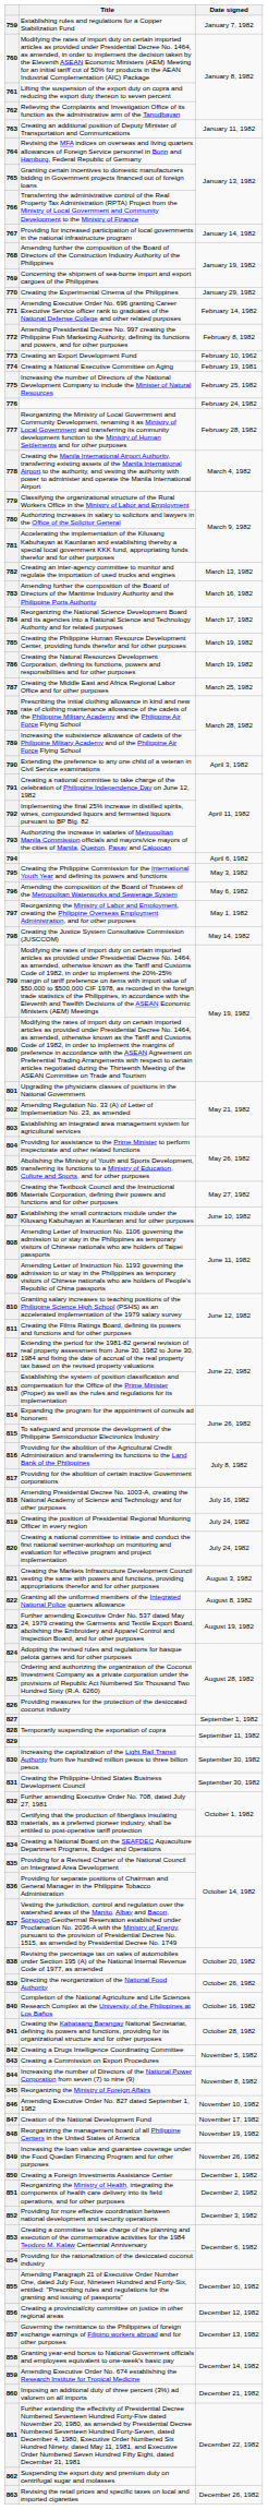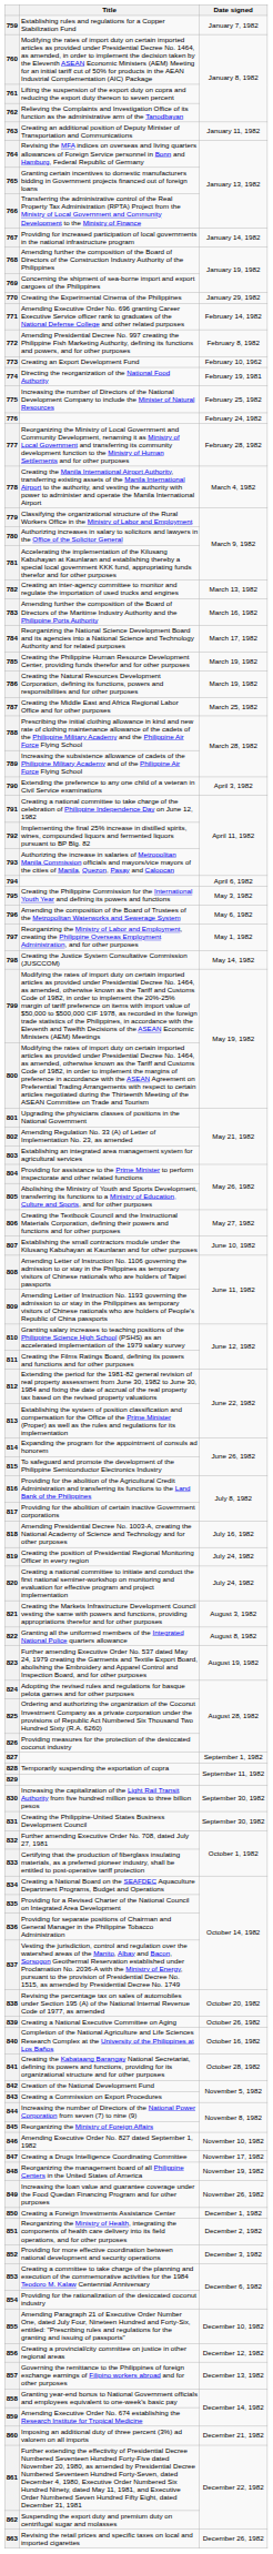 <table class="wikitable sortable" style="text-align:center;">
 <tr>
 <th scope="col"></th>
 <th scope="col">Title</th>
 <th scope="col" width="150px">Date signed</th>
 </tr>
 <tr>
 <th scope="row">759</th>
 <td style="text-align:left;">Establishing rules and regulations for a Copper Stabilization Fund</td>
 <td>January 7, 1982</td>
 </tr>
 <tr>
 <th scope="row">760</th>
 <td style="text-align:left;">Modifying the rates of import duty on certain imported articles as provided under Presidential Decree No. 1464, as amended, in order to implement the decision taken by the Eleventh <a href='#'>ASEAN</a> Economic Ministers (AEM) Meeting for an initial tariff cut of 50% for products in the AEAN Industrial Complementation (AIC) Package</td>
 <td rowspan="3">January 8, 1982</td>
 </tr>
 <tr>
 <th scope="row">761</th>
 <td style="text-align:left;">Lifting the suspension of the export duty on copra and reducing the export duty thereon to seven percent</td>
 </tr>
 <tr>
 <th scope="row">762</th>
 <td style="text-align:left;">Relieving the Complaints and Investigation Office of its function as the administrative arm of the <a href='#'>Tanodbayan</a></td>
 </tr>
 <tr>
 <th scope="row">763</th>
 <td style="text-align:left;">Creating an additional position of Deputy Minister of Transportation and Communications</td>
 <td>January 11, 1982</td>
 </tr>
 <tr>
 <th scope="row">764</th>
 <td style="text-align:left;">Revising the <a href='#'>MFA</a> indices on overseas and living quarters allowances of Foreign Service personnel in <a href='#'>Bonn</a> and <a href='#'>Hamburg</a>, Federal Republic of Germany</td>
 <td rowspan="3">January 13, 1982</td>
 </tr>
 <tr>
 <th scope="row">765</th>
 <td style="text-align:left;">Granting certain incentives to domestic manufacturers bidding in Government projects financed out of foreign loans</td>
 </tr>
 <tr>
 <th scope="row">766</th>
 <td style="text-align:left;">Transferring the administrative control of the Real Property Tax Administration (RPTA) Project from the <a href='#'>Ministry of Local Government and Community Development</a> to the <a href='#'>Ministry of Finance</a></td>
 </tr>
 <tr>
 <th scope="row">767</th>
 <td style="text-align:left;">Providing for increased participation of local governments in the national infrastructure program</td>
 <td>January 14, 1982</td>
 </tr>
 <tr>
 <th scope="row">768</th>
 <td style="text-align:left;">Amending further the composition of the Board of Directors of the Construction Industry Authority of the Philippines</td>
 <td rowspan="2">January 19, 1982</td>
 </tr>
 <tr>
 <th scope="row">769</th>
 <td style="text-align:left;">Concerning the shipment of sea-borne import and export cargoes of the Philippines</td>
 </tr>
 <tr>
 <th scope="row">770</th>
 <td style="text-align:left;">Creating the Experimental Cinema of the Philippines</td>
 <td>January 29, 1982</td>
 </tr>
 <tr>
 <th scope="row">771</th>
 <td style="text-align:left;">Amending Executive Order No. 696 granting Career Executive Service officer rank to graduates of the <a href='#'>National Defense College</a> and other related purposes</td>
 <td>February 14, 1982</td>
 </tr>
 <tr>
 <th scope="row">772</th>
 <td style="text-align:left;">Amending Presidential Decree No. 997 creating the Philippine Fish Marketing Authority, defining its functions and powers, and for other purposes</td>
 <td>February 8, 1982</td>
 </tr>
 <tr>
 <th scope="row">773</th>
 <td style="text-align:left;">Creating an Export Development Fund</td>
 <td>February 10, 1962</td>
 </tr>
 <tr>
 <th scope="row">774</th>
-<td style="text-align:left;">Creating a National Executive Committee on Aging</td>
+<td style="text-align:left;">Directing the reorganization of the <a href='#'>National Food Authority</a></td>
 <td>February 19, 1981</td>
 </tr>
 <tr>
 <th scope="row">775</th>
 <td style="text-align:left;">Increasing the number of Directors of the National Development Company to include the <a href='#'>Minister of Natural Resources</a></td>
 <td>February 25, 1982</td>
 </tr>
 <tr>
 <th scope="row">776</th>
 <td style="text-align:left;"></td>
 <td>February 24, 1982</td>
 </tr>
 <tr>
 <th scope="row">777</th>
 <td style="text-align:left;">Reorganizing the Ministry of Local Government and Community Development, renaming it as <a href='#'>Ministry of Local Government</a> and transferring its community development function to the <a href='#'>Ministry of Human Settlements</a> and for other purposes</td>
 <td>February 28, 1982</td>
 </tr>
 <tr>
 <th scope="row">778</th>
 <td style="text-align:left;">Creating the <a href='#'>Manila International Airport Authority</a>, transferring existing assets of the <a href='#'>Manila International Airport</a> to the authority, and vesting the authority with power to administer and operate the Manila International Airport</td>
 <td>March 4, 1982</td>
 </tr>
 <tr>
 <th scope="row">779</th>
 <td style="text-align:left;">Classifying the organizational structure of the Rural Workers Office in the <a href='#'>Ministry of Labor and Employment</a></td>
 <td rowspan="3">March 9, 1982</td>
 </tr>
 <tr>
 <th scope="row">780</th>
 <td style="text-align:left;">Authorizing increases in salary to solicitors and lawyers in the <a href='#'>Office of the Solicitor General</a></td>
 </tr>
 <tr>
 <th scope="row">781</th>
 <td style="text-align:left;">Accelerating the implementation of the Kilusang Kabuhayan at Kaunlaran and establishing thereby a special local government KKK fund, appropriating funds therefor and for other purposes</td>
 </tr>
 <tr>
 <th scope="row">782</th>
 <td style="text-align:left;">Creating an inter-agency committee to monitor and regulate the importation of used trucks and engines</td>
 <td>March 13, 1982</td>
 </tr>
 <tr>
 <th scope="row">783</th>
 <td style="text-align:left;">Amending further the composition of the Board of Directors of the Maritime Industry Authority and the <a href='#'>Philippine Ports Authority</a></td>
 <td>March 16, 1982</td>
 </tr>
 <tr>
 <th scope="row">784</th>
 <td style="text-align:left;">Reorganizing the National Science Development Board and its agencies into a National Science and Technology Authority and for related purposes</td>
 <td>March 17, 1982</td>
 </tr>
 <tr>
 <th scope="row">785</th>
 <td style="text-align:left;">Creating the Philippine Human Resource Development Center, providing funds therefor and for other purposes</td>
 <td>March 19, 1982</td>
 </tr>
 <tr>
 <th scope="row">786</th>
 <td style="text-align:left;">Creating the Natural Resources Development Corporation, defining its functions, powers and responsibilities and for other purposes</td>
 <td>March 19, 1982</td>
 </tr>
 <tr>
 <th scope="row">787</th>
 <td style="text-align:left;">Creating the Middle East and Africa Regional Labor Office and for other purposes</td>
 <td>March 25, 1982</td>
 </tr>
 <tr>
 <th scope="row">788</th>
 <td style="text-align:left;">Prescribing the initial clothing allowance in kind and new rate of clothing maintenance allowance of the cadets of the <a href='#'>Philippine Military Academy</a> and the <a href='#'>Philippine Air Force</a> Flying School</td>
 <td rowspan="2">March 28, 1982</td>
 </tr>
 <tr>
 <th scope="row">789</th>
 <td style="text-align:left;">Increasing the subsistence allowance of cadets of the <a href='#'>Philippine Military Academy</a> and of the <a href='#'>Philippine Air Force</a> Flying School</td>
 </tr>
 <tr>
 <th scope="row">790</th>
 <td style="text-align:left;">Extending the preference to any one child of a veteran in Civil Service examinations</td>
 <td>April 3, 1982</td>
 </tr>
 <tr>
 <th scope="row">791</th>
 <td style="text-align:left;">Creating a national committee to take charge of the celebration of <a href='#'>Philippine Independence Day</a> on June 12, 1982</td>
 <td rowspan="3">April 11, 1982</td>
 </tr>
 <tr>
 <th scope="row">792</th>
 <td style="text-align:left;">Implementing the final 25% increase in distilled spirits, wines, compounded liquors and fermented liquors pursuant to BP Blg. 82</td>
 </tr>
 <tr>
 <th scope="row">793</th>
 <td style="text-align:left;">Authorizing the increase in salaries of <a href='#'>Metropolitan Manila Commission</a> officials and mayors/vice mayors of the cities of <a href='#'>Manila</a>, <a href='#'>Quezon</a>, <a href='#'>Pasay</a> and <a href='#'>Caloocan</a></td>
 </tr>
 <tr>
 <th scope="row">794</th>
 <td style="text-align:left;"></td>
 <td>April 6, 1982</td>
 </tr>
 <tr>
 <th scope="row">795</th>
 <td style="text-align:left;">Creating the Philippine Commission for the <a href='#'>International Youth Year</a> and defining its powers and functions</td>
 <td>May 3, 1982</td>
 </tr>
 <tr>
 <th scope="row">796</th>
 <td style="text-align:left;">Amending the composition of the Board of Trustees of the <a href='#'>Metropolitan Waterworks and Sewerage System</a></td>
 <td>May 6, 1982</td>
 </tr>
 <tr>
 <th scope="row">797</th>
 <td style="text-align:left;">Reorganizing the <a href='#'>Ministry of Labor and Employment</a>, creating the <a href='#'>Philippine Overseas Employment Administration</a>, and for other purposes</td>
 <td>May 1, 1982</td>
 </tr>
 <tr>
 <th scope="row">798</th>
 <td style="text-align:left;">Creating the Justice System Consultative Commission (JUSCCOM)</td>
 <td>May 14, 1982</td>
 </tr>
 <tr>
 <th scope="row">799</th>
 <td style="text-align:left;">Modifying the rates of import duty on certain imported articles as provided under Presidential Decree No. 1464, as amended, otherwise known as the Tariff and Customs Code of 1982, in order to implement the 20%-25% margin of tariff preference on items with import value of $50,000 to $500,000 CIF 1978, as recorded in the foreign trade statistics of the Philippines, in accordance with the Eleventh and Twelfth Decisions of the <a href='#'>ASEAN</a> Economic Ministers (AEM) Meetings</td>
 <td rowspan="2">May 19, 1982</td>
 </tr>
 <tr>
 <th scope="row">800</th>
 <td style="text-align:left;">Modifying the rates of import duty on certain imported articles as provided under Presidential Decree No. 1464, as amended, otherwise known as the Tariff and Customs Code of 1982, in order to implement the margins of preference in accordance with the <a href='#'>ASEAN</a> Agreement on Preferential Trading Arrangements with respect to certain articles negotiated during the Thirteenth Meeting of the ASEAN Committee on Trade and Tourism</td>
 </tr>
 <tr>
 <th scope="row">801</th>
 <td style="text-align:left;">Upgrading the physicians classes of positions in the National Government</td>
 <td rowspan="3">May 21, 1982</td>
 </tr>
 <tr>
 <th scope="row">802</th>
 <td style="text-align:left;">Amending Regulation No. 33 (A) of Letter of Implementation No. 23, as amended</td>
 </tr>
 <tr>
 <th scope="row">803</th>
 <td style="text-align:left;">Establishing an integrated area management system for agricultural services</td>
 </tr>
 <tr>
 <th scope="row">804</th>
 <td style="text-align:left;">Providing for assistance to the <a href='#'>Prime Minister</a> to perform inspectorate and other related functions</td>
 <td rowspan="2">May 26, 1982</td>
 </tr>
 <tr>
 <th scope="row">805</th>
 <td style="text-align:left;">Abolishing the Ministry of Youth and Sports Development, transferring its functions to a <a href='#'>Ministry of Education, Culture and Sports</a>, and for other purposes</td>
 </tr>
 <tr>
 <th scope="row">806</th>
 <td style="text-align:left;">Creating the Textbook Council and the Instructional Materials Corporation, defining their powers and functions and for other purposes</td>
 <td>May 27, 1982</td>
 </tr>
 <tr>
 <th scope="row">807</th>
 <td style="text-align:left;">Establishing the small contractors module under the Kilusang Kabuhayan at Kaunlaran and for other purposes</td>
 <td>June 10, 1982</td>
 </tr>
 <tr>
 <th scope="row">808</th>
 <td style="text-align:left;">Amending Letter of Instruction No. 1106 governing the admission to or stay in the Philippines as temporary visitors of Chinese nationals who are holders of Taipei passports</td>
 <td rowspan="2">June 11, 1982</td>
 </tr>
 <tr>
 <th scope="row">809</th>
 <td style="text-align:left;">Amending Letter of Instruction No. 1193 governing the admission to or stay in the Philippines as temporary visitors of Chinese nationals who are holders of People's Republic of China passports</td>
 </tr>
 <tr>
 <th scope="row">810</th>
 <td style="text-align:left;">Granting salary increases to teaching positions of the <a href='#'>Philippine Science High School</a> (PSHS) as an accelerated implementation of the 1979 salary survey</td>
 <td rowspan="2">June 12, 1982</td>
 </tr>
 <tr>
 <th scope="row">811</th>
 <td style="text-align:left;">Creating the Films Ratings Board, defining its powers and functions and for other purposes</td>
 </tr>
 <tr>
 <th scope="row">812</th>
 <td style="text-align:left;">Extending the period for the 1981-82 general revision of real property assessment from June 30, 1982 to June 30, 1984 and fixing the date of accrual of the real property tax based on the revised property valuations</td>
 <td rowspan="2">June 22, 1982</td>
 </tr>
 <tr>
 <th scope="row">813</th>
 <td style="text-align:left;">Establishing the system of position classification and compensation for the Office of the <a href='#'>Prime Minister</a> (Proper) as well as the rules and regulations for its implementation</td>
 </tr>
 <tr>
 <th scope="row">814</th>
 <td style="text-align:left;">Expanding the program for the appointment of consuls ad honorem</td>
 <td rowspan="2">June 26, 1982</td>
 </tr>
 <tr>
 <th scope="row">815</th>
 <td style="text-align:left;">To safeguard and promote the development of the Philippine Semiconductor Electronics Industry</td>
 </tr>
 <tr>
 <th scope="row">816</th>
 <td style="text-align:left;">Providing for the abolition of the Agricultural Credit Administration and transferring its functions to the <a href='#'>Land Bank of the Philippines</a></td>
 <td rowspan="2">July 8, 1982</td>
 </tr>
 <tr>
 <th scope="row">817</th>
 <td style="text-align:left;">Providing for the abolition of certain inactive Government corporations</td>
 </tr>
 <tr>
 <th scope="row">818</th>
 <td style="text-align:left;">Amending Presidential Decree No. 1003-A, creating the National Academy of Science and Technology and for other purposes</td>
 <td>July 16, 1982</td>
 </tr>
 <tr>
 <th scope="row">819</th>
 <td style="text-align:left;">Creating the position of Presidential Regional Monitoring Officer in every region</td>
 <td>July 24, 1982</td>
 </tr>
 <tr>
 <th scope="row">820</th>
 <td style="text-align:left;">Creating a national committee to initiate and conduct the first national seminer-workshop on monitoring and evaluation for effective program and project implementation</td>
 <td>July 24, 1982</td>
 </tr>
 <tr>
 <th scope="row">821</th>
 <td style="text-align:left;">Creating the Markets Infrastructure Development Council vesting the same with powers and functions, providing appropriations therefor and for other purposes</td>
 <td>August 3, 1982</td>
 </tr>
 <tr>
 <th scope="row">822</th>
 <td style="text-align:left;">Granting all the uniformed members of the <a href='#'>Integrated National Police</a> quarters allowance</td>
 <td>August 8, 1982</td>
 </tr>
 <tr>
 <th scope="row">823</th>
 <td style="text-align:left;">Further amending Executive Order No. 537 dated May 24, 1979 creating the Garments and Textile Export Board, abolishing the Embroidery and Apparel Control and Inspection Board, and for other purposes</td>
 <td>August 19, 1982</td>
 </tr>
 <tr>
 <th scope="row">824</th>
 <td style="text-align:left;">Adopting the revised rules and regulations for basque pelota games and for other purposes</td>
 <td rowspan="3">August 28, 1982</td>
 </tr>
 <tr>
 <th scope="row">825</th>
 <td style="text-align:left;">Ordering and authorizing the organization of the Coconut Investment Company as a private corporation under the provisions of Republic Act Numbered Six Thousand Two Hundred Sixty (R.A. 6260)</td>
 </tr>
 <tr>
 <th scope="row">826</th>
 <td style="text-align:left;">Providing measures for the protection of the desiccated coconut industry</td>
 </tr>
 <tr>
 <th scope="row">827</th>
 <td style="text-align:left;"></td>
 <td>September 1, 1982</td>
 </tr>
 <tr>
 <th scope="row">828</th>
 <td style="text-align:left;">Temporarily suspending the exportation of copra</td>
 <td rowspan="2">September 11, 1982</td>
 </tr>
 <tr>
 <th scope="row">829</th>
 <td style="text-align:left;"></td>
 </tr>
 <tr>
 <th scope="row">830</th>
 <td style="text-align:left;">Increasing the capitalization of the <a href='#'>Light Rail Transit Authority</a> from five hundred million pesos to three billion pesos</td>
 <td>September 30, 1982</td>
 </tr>
 <tr>
 <th scope="row">831</th>
 <td style="text-align:left;">Creating the Philippine-United States Business Development Council</td>
 <td>September 30, 1982</td>
 </tr>
 <tr>
 <th scope="row">832</th>
 <td style="text-align:left;">Further amending Executive Order No. 708, dated July 27, 1981</td>
 <td rowspan="2">October 1, 1982</td>
 </tr>
 <tr>
 <th scope="row">833</th>
 <td style="text-align:left;">Certifying that the production of fiberglass insulating materials, as a preferred pioneer industry, shall be entitled to post-operative tariff protection</td>
 </tr>
 <tr>
 <th scope="row">834</th>
 <td style="text-align:left;">Creating a National Board on the <a href='#'>SEAFDEC</a> Aquaculture Department Programs, Budget and Operations</td>
 <td rowspan="4">October 14, 1982</td>
 </tr>
 <tr>
 <th scope="row">835</th>
 <td style="text-align:left;">Providing for a Revised Charter of the National Council on Integrated Area Development</td>
 </tr>
 <tr>
 <th scope="row">836</th>
 <td style="text-align:left;">Providing for separate positions of Chairman and General Manager in the Philippine Tobacco Administration</td>
 </tr>
 <tr>
 <th scope="row">837</th>
 <td style="text-align:left;">Vesting the jurisdiction, control and regulation over the watershed areas of the <a href='#'>Manito</a>, <a href='#'>Albay</a> and <a href='#'>Bacon</a>, <a href='#'>Sorsogon</a> Geothermal Reservation established under Proclamation No. 2036-A with the <a href='#'>Ministry of Energy</a>, pursuant to the provision of Presidential Decree No. 1515, as amended by Presidential Decree No. 1749</td>
 </tr>
 <tr>
 <th scope="row">838</th>
 <td style="text-align:left;">Revising the percentage tax on sales of automobiles under Section 195 (A) of the National Internal Revenue Code of 1977, as amended</td>
 <td>October 20, 1982</td>
 </tr>
 <tr>
 <th scope="row">839</th>
-<td style="text-align:left;">Directing the reorganization of the <a href='#'>National Food Authority</a></td>
+<td style="text-align:left;">Creating a National Executive Committee on Aging</td>
 <td>October 26, 1982</td>
 </tr>
 <tr>
 <th scope="row">840</th>
 <td style="text-align:left;">Completion of the National Agriculture and Life Sciences Research Complex at the <a href='#'>University of the Philippines at Los Baños</a></td>
 <td>October 16, 1982</td>
 </tr>
 <tr>
 <th scope="row">841</th>
 <td style="text-align:left;">Creating the <a href='#'>Kabataang Barangay</a> National Secretariat, defining its powers and functions, providing for its organizational structure and for other purposes</td>
 <td>October 28, 1982</td>
 </tr>
 <tr>
 <th scope="row">842</th>
-<td style="text-align:left;">Creating a Drugs Intelligence Coordinating Committee</td>
+<td style="text-align:left;">Creation of the National Development Fund</td>
 <td rowspan="2">November 5, 1982</td>
 </tr>
 <tr>
 <th scope="row">843</th>
 <td style="text-align:left;">Creating a Commission on Export Procedures</td>
 </tr>
 <tr>
 <th scope="row">844</th>
 <td style="text-align:left;">Increasing the number of Directors of the <a href='#'>National Power Corporation</a> from seven (7) to nine (9)</td>
 <td rowspan="2">November 8, 1982</td>
 </tr>
 <tr>
 <th scope="row">845</th>
 <td style="text-align:left;">Reorganizing the <a href='#'>Ministry of Foreign Affairs</a></td>
 </tr>
 <tr>
 <th scope="row">846</th>
 <td style="text-align:left;">Amending Executive Order No. 827 dated September 1, 1982</td>
 <td>November 10, 1982</td>
 </tr>
 <tr>
 <th scope="row">847</th>
-<td style="text-align:left;">Creation of the National Development Fund</td>
+<td style="text-align:left;">Creating a Drugs Intelligence Coordinating Committee</td>
 <td>November 17, 1982</td>
 </tr>
 <tr>
 <th scope="row">848</th>
 <td style="text-align:left;">Reorganizing the management board of all <a href='#'>Philippine Centers</a> in the United States of America</td>
 <td>November 19, 1982</td>
 </tr>
 <tr>
 <th scope="row">849</th>
 <td style="text-align:left;">Increasing the loan value and guarantee coverage under the Food Quedan Financing Program and for other purposes</td>
 <td>November 26, 1982</td>
 </tr>
 <tr>
 <th scope="row">850</th>
 <td style="text-align:left;">Creating a Foreign Investments Assistance Center</td>
 <td>December 1, 1982</td>
 </tr>
 <tr>
 <th scope="row">851</th>
 <td style="text-align:left;">Reorganizing the <a href='#'>Ministry of Health</a>, integrating the components of health care delivery into its field operations, and for other purposes</td>
 <td>December 2, 1982</td>
 </tr>
 <tr>
 <th scope="row">852</th>
 <td style="text-align:left;">Providing for more effective coordination between national development and security operations</td>
 <td>December 3, 1982</td>
 </tr>
 <tr>
 <th scope="row">853</th>
 <td style="text-align:left;">Creating a committee to take charge of the planning and execution of the commemorative activities for the 1984 <a href='#'>Teodoro M. Kalaw</a> Centennial Anniversary</td>
 <td rowspan="2">December 6, 1982</td>
 </tr>
 <tr>
 <th scope="row">854</th>
 <td style="text-align:left;">Providing for the rationalization of the desiccated coconut industry</td>
 </tr>
 <tr>
 <th scope="row">855</th>
 <td style="text-align:left;">Amending Paragraph 21 of Executive Order Number One, dated July Four, Nineteen Hundred and Forty-Six, entitled: "Prescribing rules and regulations for the granting and issuing of passports"</td>
 <td>December 10, 1982</td>
 </tr>
 <tr>
 <th scope="row">856</th>
 <td style="text-align:left;">Creating a provincial/city committee on justice in other regional areas</td>
 <td>December 12, 1982</td>
 </tr>
 <tr>
 <th scope="row">857</th>
 <td style="text-align:left;">Governing the remittance to the Philippines of foreign exchange earnings of <a href='#'>Filipino workers abroad</a> and for other purposes</td>
 <td>December 13, 1982</td>
 </tr>
 <tr>
 <th scope="row">858</th>
 <td style="text-align:left;">Granting year-end bonus to National Government officials and employees equivalent to one-week's basic pay</td>
 <td rowspan="2">December 14, 1982</td>
 </tr>
 <tr>
 <th scope="row">859</th>
 <td style="text-align:left;">Amending Executive Order No. 674 establishing the <a href='#'>Research Institute for Tropical Medicine</a></td>
 </tr>
 <tr>
 <th scope="row">860</th>
 <td style="text-align:left;">Imposing an additional duty of three percent (3%) ad valorem on all imports</td>
 <td>December 21, 1982</td>
 </tr>
 <tr>
 <th scope="row">861</th>
 <td style="text-align:left;">Further extending the effectivity of Presidential Decree Numbered Seventeen Hundred Forty-Five dated November 20, 1980, as amended by Presidential Decree Numbered Seventeen Hundred Forty-Seven, dated December 4, 1980, Executive Order Numbered Six Hundred Ninety, dated May 11, 1981, and Executive Order Numbered Seven Hundred Fifty Eight, dated December 31, 1981</td>
 <td rowspan="2">December 22, 1982</td>
 </tr>
 <tr>
 <th scope="row">862</th>
 <td style="text-align:left;">Suspending the export duty and premium duty on centrifugal sugar and molasses</td>
 </tr>
 <tr>
 <th scope="row">863</th>
 <td style="text-align:left;">Revising the retail prices and specific taxes on local and imported cigarettes</td>
 <td>December 26, 1982</td>
 </tr>
 </table>
